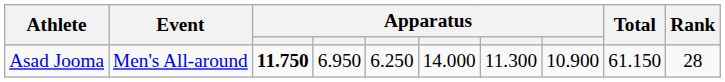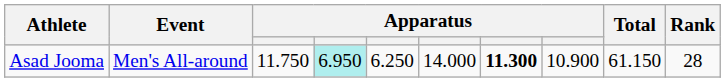 <table class="wikitable" style="font-size:90%">
 <tr>
 <th rowspan=2>Athlete</th>
 <th rowspan=2>Event</th>
 <th colspan=6>Apparatus</th>
 <th rowspan=2>Total</th>
 <th rowspan=2>Rank</th>
 </tr>
 <tr style="font-size:95%">
 <th></th>
 <th></th>
 <th></th>
 <th></th>
 <th></th>
 <th></th>
 </tr>
 <tr align=center>
 <td align=left rowspan=2><a href='#'>Asad Jooma</a></td>
 <td align=left><a href='#'>Men's All-around</a></td>
-<td><strong>11.750</strong></td>
-<td>6.950</td>
+<td>11.750</td>
+<td style="background: paleturquoise;">6.950</td>
 <td>6.250</td>
 <td>14.000</td>
-<td>11.300</td>
+<td><strong>11.300</strong></td>
 <td>10.900</td>
 <td>61.150</td>
 <td>28</td>
 </tr>
 </table>
